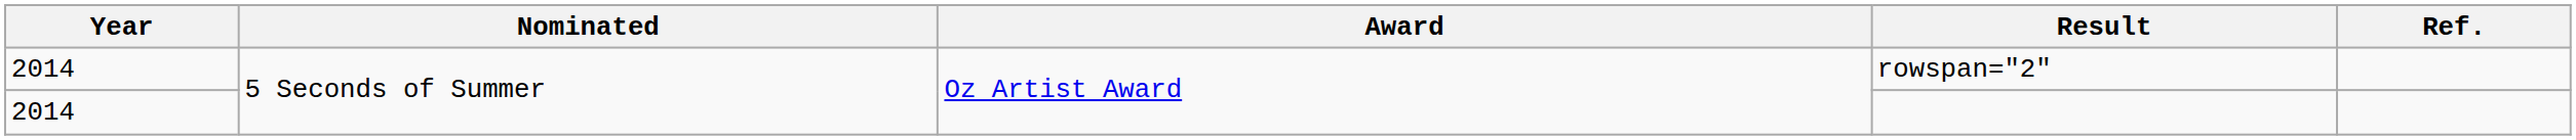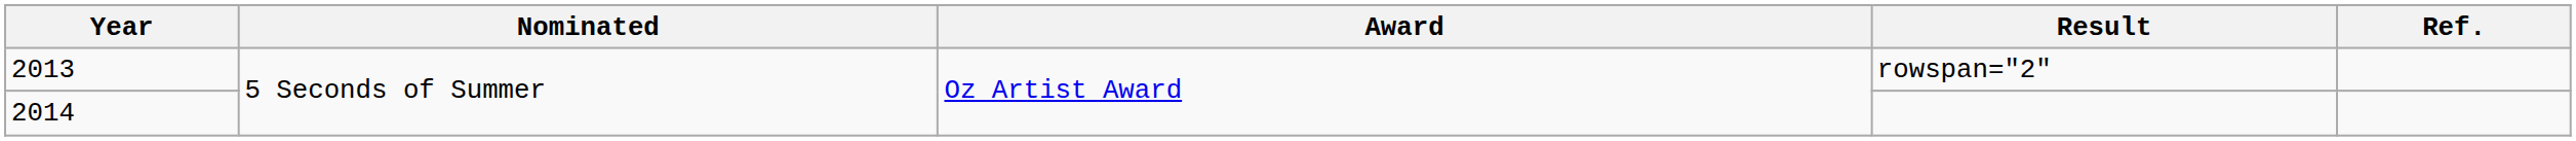 <table class="wikitable" style="width:100%;">
 <tr>
 <th width=5%>Year</th>
 <th style="width:15%;">Nominated</th>
 <th style="width:20%;">Award</th>
 <th style="width:10%;">Result</th>
 <th style="width:5%;">Ref.</th>
 </tr>
 <tr>
-<td>2014</td>
+<td>2013</td>
 <td rowspan="2">5 Seconds of Summer</td>
 <td rowspan="2"><a href='#'>Oz Artist Award</a></td>
 <td>rowspan="2" </td>
 <td></td>
 </tr>
 <tr>
 <td>2014</td>
 <td></td>
 </tr>
 </table>
